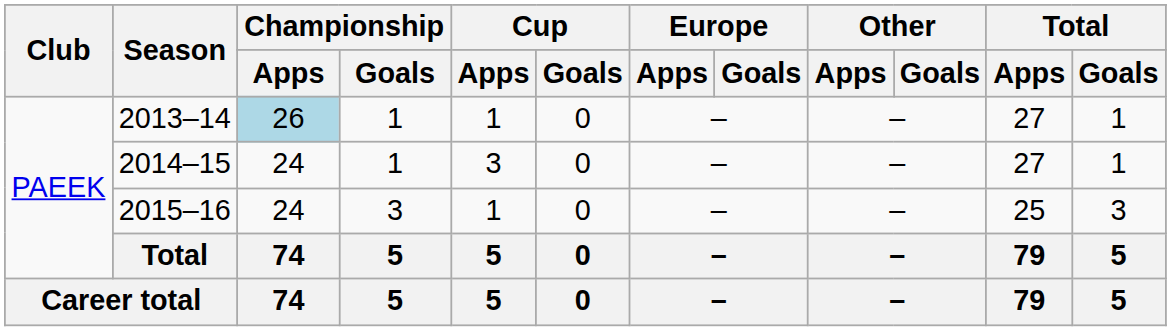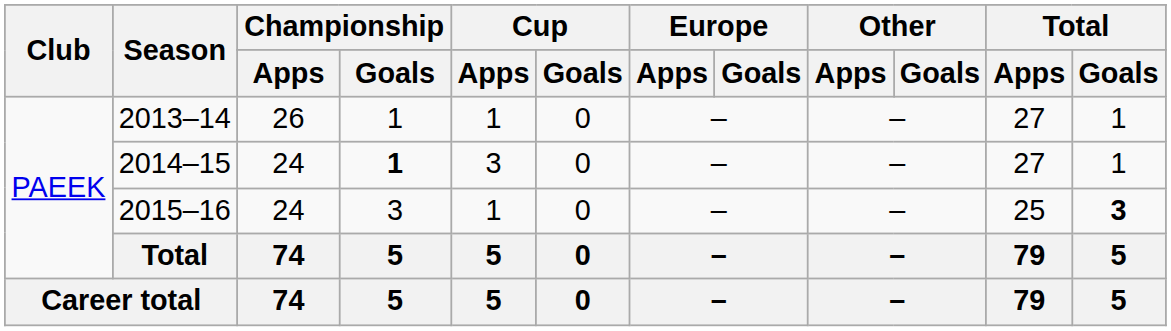 <table class="wikitable" style="text-align:center;">
 <tr>
 <th rowspan="2">Club</th>
 <th rowspan="2">Season</th>
 <th colspan="2">Championship</th>
 <th colspan="2">Cup</th>
 <th colspan="2">Europe</th>
 <th colspan="2">Other</th>
 <th colspan="2">Total</th>
 </tr>
 <tr>
 <th>Apps</th>
 <th>Goals</th>
 <th>Apps</th>
 <th>Goals</th>
 <th>Apps</th>
 <th>Goals</th>
 <th>Apps</th>
 <th>Goals</th>
 <th>Apps</th>
 <th>Goals</th>
 </tr>
 <tr>
 <td rowspan="4"><a href='#'>PAEEK</a></td>
 <td>2013–14</td>
-<td style="background: lightblue;">26</td>
+<td>26</td>
 <td>1</td>
 <td>1</td>
 <td>0</td>
 <td colspan="2">–</td>
 <td colspan="2">–</td>
 <td>27</td>
 <td>1</td>
 </tr>
 <tr>
 <td>2014–15</td>
 <td>24</td>
-<td>1</td>
+<td><strong>1</strong></td>
 <td>3</td>
 <td>0</td>
 <td colspan="2">–</td>
 <td colspan="2">–</td>
 <td>27</td>
 <td>1</td>
 </tr>
 <tr>
 <td>2015–16</td>
 <td>24</td>
 <td>3</td>
 <td>1</td>
 <td>0</td>
 <td colspan="2">–</td>
 <td colspan="2">–</td>
 <td>25</td>
-<td>3</td>
+<td><strong>3</strong></td>
 </tr>
 <tr>
 <th>Total</th>
 <th>74</th>
 <th>5</th>
 <th>5</th>
 <th>0</th>
 <th colspan="2">–</th>
 <th colspan="2">–</th>
 <th>79</th>
 <th>5</th>
 </tr>
 <tr>
 <th colspan="2">Career total</th>
 <th>74</th>
 <th>5</th>
 <th>5</th>
 <th>0</th>
 <th colspan="2">–</th>
 <th colspan="2">–</th>
 <th>79</th>
 <th>5</th>
 </tr>
 </table>
